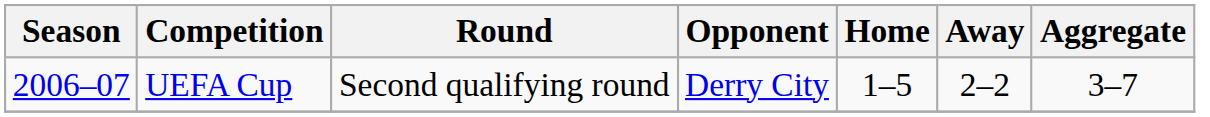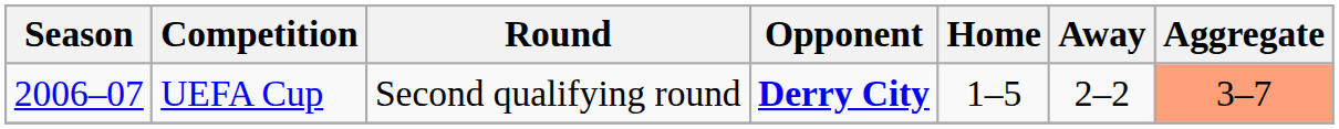 <table class="wikitable">
 <tr>
 <th>Season</th>
 <th>Competition</th>
 <th>Round</th>
 <th>Opponent</th>
 <th>Home</th>
 <th>Away</th>
 <th>Aggregate</th>
 </tr>
 <tr>
 <td><a href='#'>2006–07</a></td>
 <td><a href='#'>UEFA Cup</a></td>
 <td>Second qualifying round</td>
-<td><a href='#'>Derry City</a></td>
+<td><strong><a href='#'>Derry City</a></strong></td>
 <td align="center">1–5</td>
 <td align="center">2–2</td>
-<td align="center">3–7</td>
+<td align="center" style="background: lightsalmon;">3–7</td>
 </tr>
 <tr>
 </tr>
 </table>
